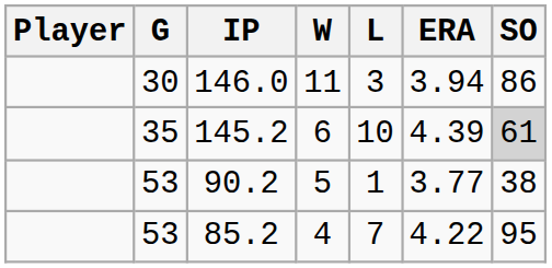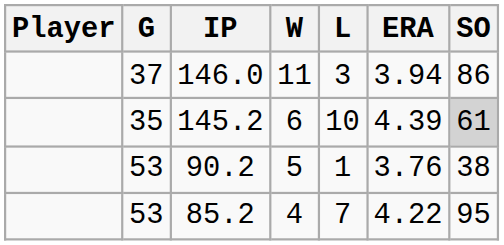 <table class="wikitable sortable" style="text-align:center">
 <tr>
 <th>Player</th>
 <th>G</th>
 <th>IP</th>
 <th>W</th>
 <th>L</th>
 <th>ERA</th>
 <th>SO</th>
 </tr>
 <tr>
 <td></td>
-<td>30</td>
+<td>37</td>
 <td>146.0</td>
 <td>11</td>
 <td>3</td>
 <td>3.94</td>
 <td>86</td>
 </tr>
 <tr>
 <td></td>
 <td>35</td>
 <td>145.2</td>
 <td>6</td>
 <td>10</td>
 <td>4.39</td>
 <td style="background: lightgrey;">61</td>
 </tr>
 <tr>
 <td></td>
 <td>53</td>
 <td>90.2</td>
 <td>5</td>
 <td>1</td>
-<td>3.77</td>
+<td>3.76</td>
 <td>38</td>
 </tr>
 <tr>
 <td></td>
 <td>53</td>
 <td>85.2</td>
 <td>4</td>
 <td>7</td>
 <td>4.22</td>
 <td>95</td>
 </tr>
 </table>
